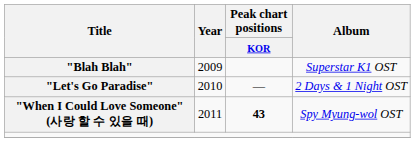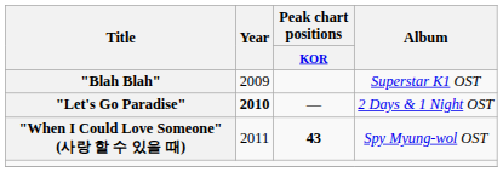 <table class="wikitable plainrowheaders" style="text-align:center;">
 <tr>
 <th scope="col" rowspan="2" style="width:15em;">Title</th>
 <th scope="col" rowspan="2">Year</th>
 <th scope="col" colspan="1" style="width:5em;">Peak chart positions</th>
 <th scope="col" rowspan="2">Album</th>
 </tr>
 <tr>
 <th><small><a href='#'>KOR</a></small><br></th>
 </tr>
 <tr>
 <th scope="row">"Blah Blah"</th>
 <td>2009</td>
 <td></td>
 <td><em><a href='#'>Superstar K1</a> OST</em></td>
 </tr>
 <tr>
 <th scope="row">"Let's Go Paradise"<br></th>
-<td>2010</td>
+<td><strong>2010</strong></td>
 <td>—</td>
 <td><em><a href='#'>2 Days & 1 Night</a> OST</em></td>
 </tr>
 <tr>
 <th scope="row">"When I Could Love Someone" (사랑 할 수 있을 때)<br></th>
 <td>2011</td>
 <td><strong>43</strong></td>
 <td><em><a href='#'>Spy Myung-wol</a> OST</em></td>
 </tr>
 <tr>
 <td colspan="4"></td>
 </tr>
 <tr>
 </tr>
 </table>
